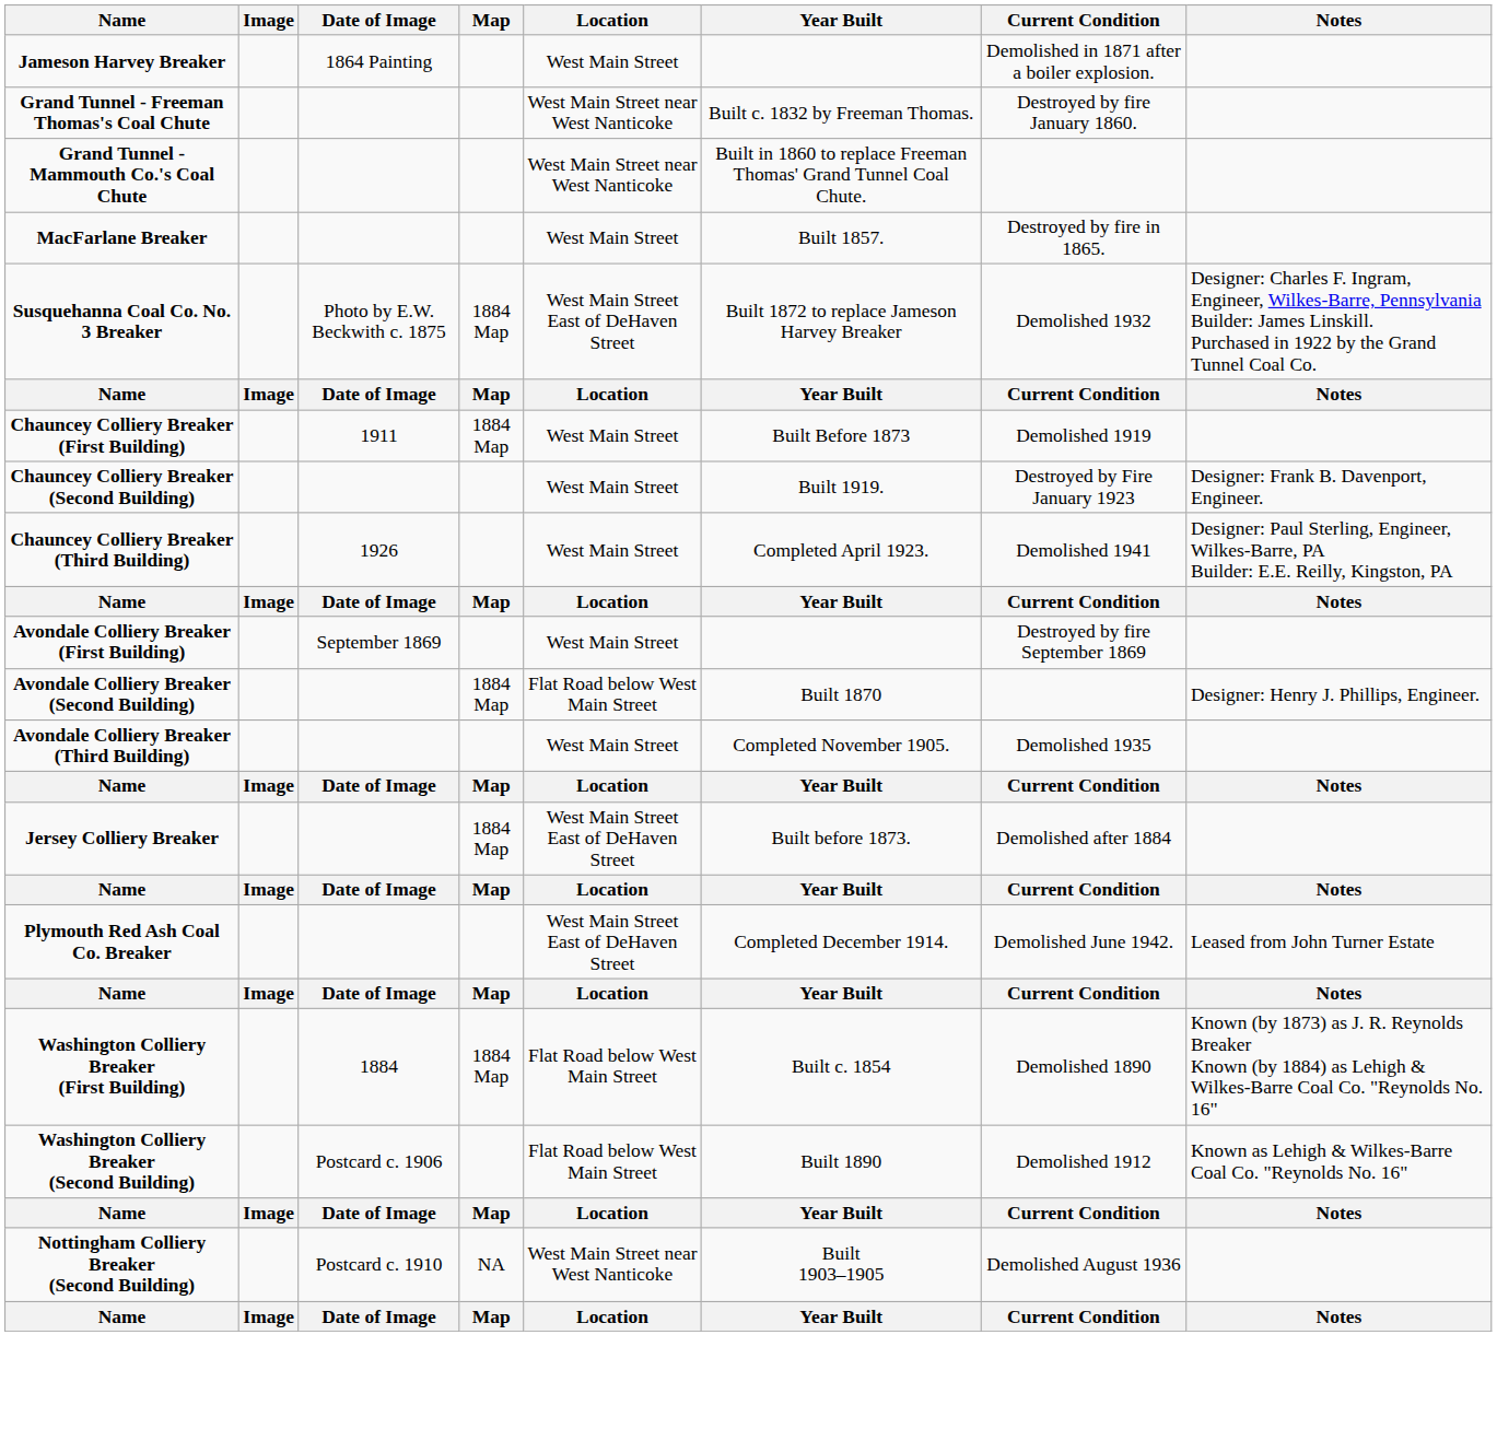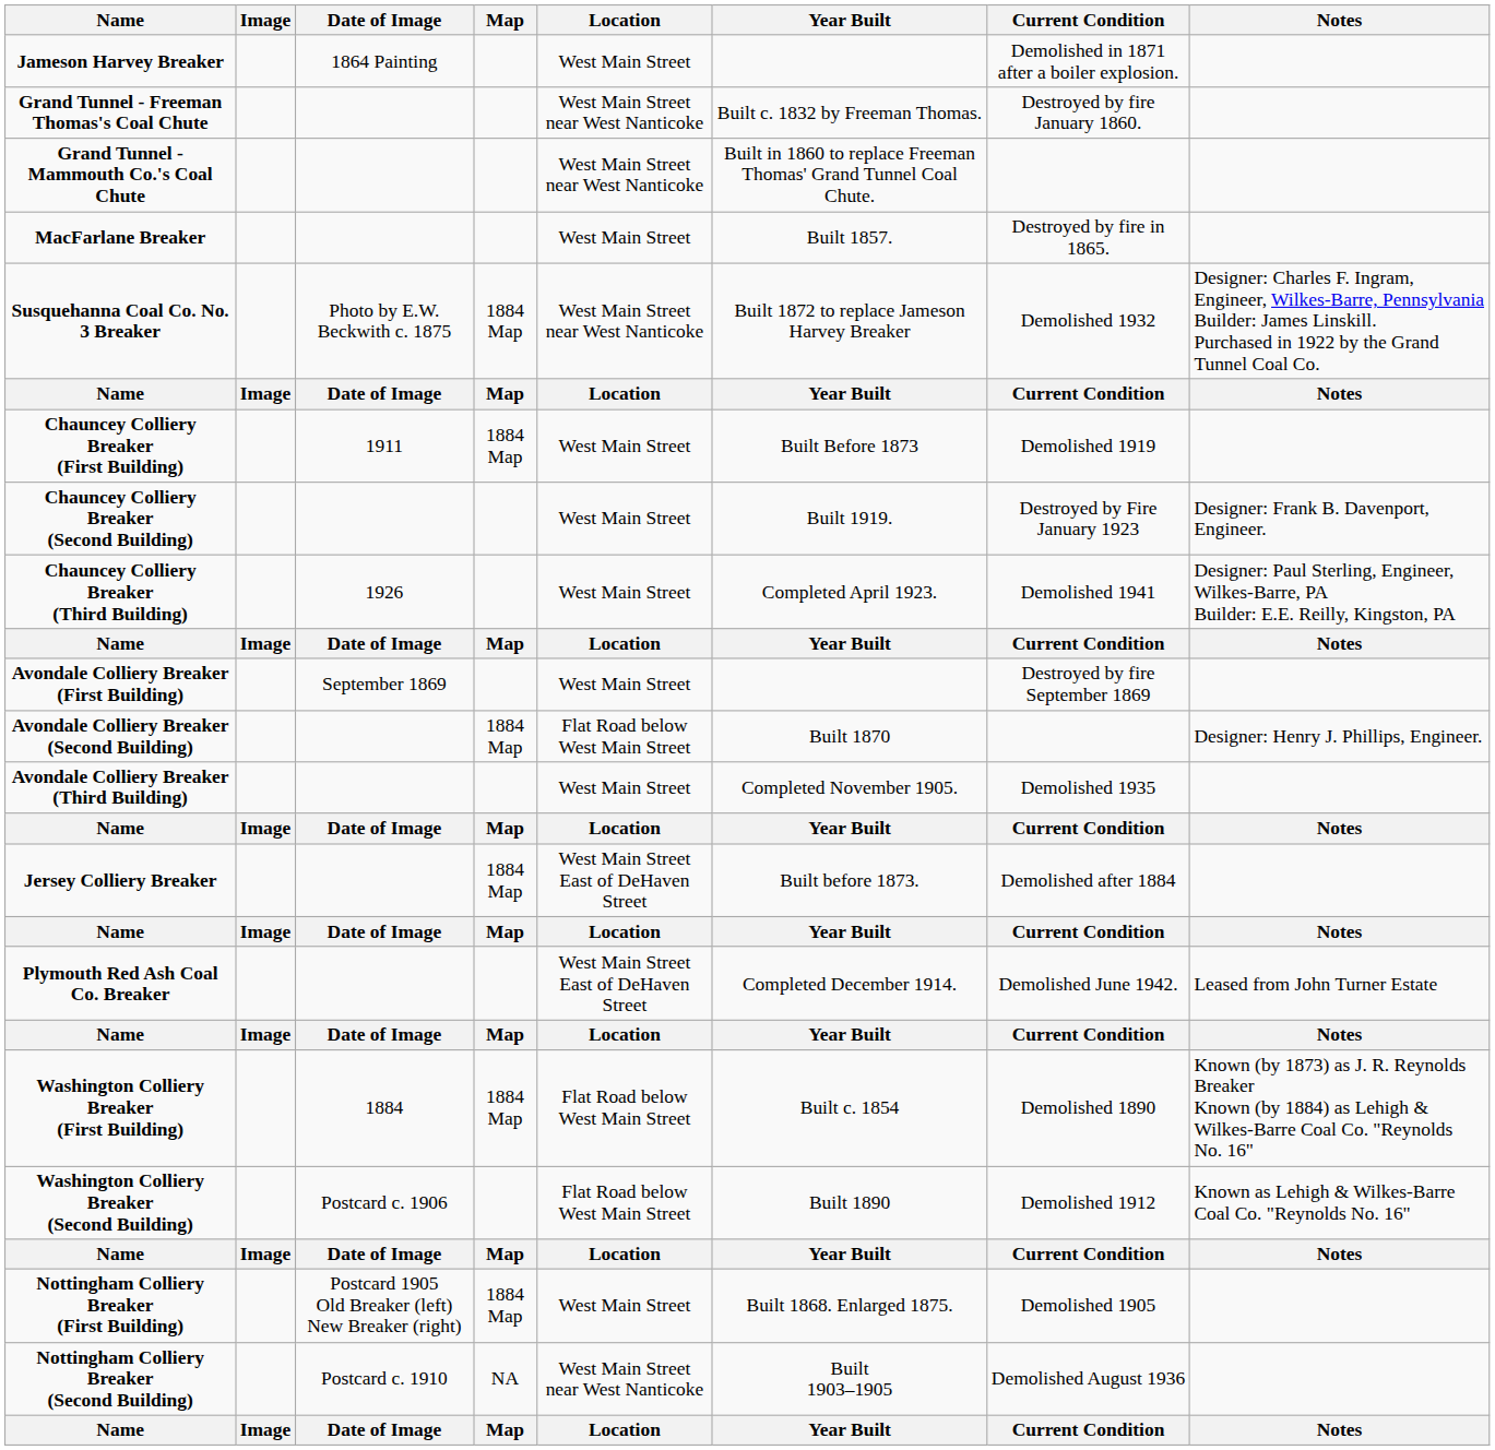 <table class="wikitable sortable">
 <tr>
 <th class="unsortable">Name</th>
 <th class="unsortable">Image</th>
 <th class="unsortable">Date of Image</th>
 <th class="unsortable">Map</th>
 <th class="unsortable">Location</th>
 <th class="unsortable">Year Built</th>
 <th class="unsortable">Current Condition</th>
 <th class="unsortable">Notes</th>
 </tr>
 <tr>
 <td align=center><strong>Jameson Harvey Breaker</strong></td>
 <td></td>
 <td align=center>1864 Painting</td>
 <td align=center></td>
 <td align=center>West Main Street</td>
 <td align=center></td>
 <td align=center>Demolished in 1871 after a boiler explosion.</td>
 <td align=left></td>
 </tr>
 <tr>
 <td align=center><strong>Grand Tunnel - Freeman Thomas's Coal Chute</strong></td>
 <td align=center></td>
 <td align=center></td>
 <td align=center></td>
 <td align=center>West Main Street near West Nanticoke</td>
 <td align=center>Built c. 1832 by Freeman Thomas.</td>
 <td align=center>Destroyed by fire January 1860.</td>
 <td align=left></td>
 </tr>
 <tr>
 <td align=center><strong>Grand Tunnel - Mammouth Co.'s Coal Chute</strong></td>
 <td align=center></td>
 <td align=center></td>
 <td align=center></td>
 <td align=center>West Main Street near West Nanticoke</td>
 <td align=center>Built in 1860 to replace Freeman Thomas' Grand Tunnel Coal Chute.</td>
 <td align=center></td>
 <td align=left></td>
 </tr>
 <tr>
 <td align=center><strong>MacFarlane Breaker</strong></td>
 <td align=center></td>
 <td align=center></td>
 <td align=center></td>
 <td align=center>West Main Street</td>
 <td align=center>Built 1857.</td>
 <td align=center>Destroyed by fire in 1865.</td>
 <td align=left></td>
 </tr>
 <tr>
 <td align=center><strong>Susquehanna Coal Co. No. 3 Breaker</strong></td>
 <td></td>
 <td align=center>Photo by E.W. Beckwith c. 1875</td>
 <td align=center>1884 Map<br></td>
-<td align=center>West Main Street<br>East of DeHaven Street</td>
+<td align=center>West Main Street near West Nanticoke</td>
 <td align=center>Built 1872 to replace Jameson Harvey Breaker</td>
 <td align=center>Demolished 1932</td>
 <td align=left>Designer: Charles F. Ingram, Engineer, <a href='#'>Wilkes-Barre, Pennsylvania</a><br>Builder: James Linskill.<br>Purchased in 1922 by the Grand Tunnel Coal Co.</td>
 </tr>
 <tr>
 <th class="unsortable">Name</th>
 <th class="unsortable">Image</th>
 <th class="unsortable">Date of Image</th>
 <th class="unsortable">Map</th>
 <th class="unsortable">Location</th>
 <th class="unsortable">Year Built</th>
 <th class="unsortable">Current Condition</th>
 <th class="unsortable">Notes</th>
 </tr>
 <tr>
 <td align=center><strong>Chauncey Colliery Breaker</strong><br><strong>(First Building)</strong></td>
 <td></td>
 <td align=center>1911</td>
 <td align=center>1884 Map<br></td>
 <td align=center>West Main Street</td>
 <td align=center>Built Before 1873</td>
 <td align=center>Demolished 1919</td>
 <td align=left></td>
 </tr>
 <tr>
 <td align=center><strong>Chauncey Colliery Breaker</strong><br><strong>(Second Building)</strong></td>
 <td></td>
 <td align=center></td>
 <td align=center></td>
 <td align=center>West Main Street</td>
 <td align=center>Built 1919.</td>
 <td align=center>Destroyed by Fire January 1923</td>
 <td align=left>Designer: Frank B. Davenport, Engineer.</td>
 </tr>
 <tr>
 <td align=center><strong>Chauncey Colliery Breaker</strong><br><strong>(Third Building)</strong></td>
 <td></td>
 <td align=center>1926</td>
 <td align=center></td>
 <td align=center>West Main Street</td>
 <td align=center>Completed April 1923.</td>
 <td align=center>Demolished 1941</td>
 <td align=left>Designer: Paul Sterling, Engineer, Wilkes-Barre, PA<br>Builder: E.E. Reilly, Kingston, PA</td>
 </tr>
 <tr>
 <th class="unsortable">Name</th>
 <th class="unsortable">Image</th>
 <th class="unsortable">Date of Image</th>
 <th class="unsortable">Map</th>
 <th class="unsortable">Location</th>
 <th class="unsortable">Year Built</th>
 <th class="unsortable">Current Condition</th>
 <th class="unsortable">Notes</th>
 </tr>
 <tr>
 <td align=center><strong>Avondale Colliery Breaker</strong><br><strong>(First Building)</strong></td>
 <td></td>
 <td align=center>September 1869</td>
 <td align=center></td>
 <td align=center>West Main Street</td>
 <td align=center></td>
 <td align=center>Destroyed by fire September 1869</td>
 <td align=left></td>
 </tr>
 <tr>
 <td align=center><strong>Avondale Colliery Breaker</strong><br><strong>(Second Building)</strong></td>
 <td></td>
 <td align=center></td>
 <td align=center>1884 Map<br></td>
 <td align=center>Flat Road below West Main Street</td>
 <td align=center>Built 1870</td>
 <td align=center></td>
 <td align=left>Designer: Henry J. Phillips, Engineer.</td>
 </tr>
 <tr>
 <td align=center><strong>Avondale Colliery Breaker</strong><br><strong>(Third Building)</strong></td>
 <td></td>
 <td align=center></td>
 <td align=center></td>
 <td align=center>West Main Street</td>
 <td align=center>Completed November 1905.</td>
 <td align=center>Demolished 1935</td>
 <td align=left></td>
 </tr>
 <tr>
 <th class="unsortable">Name</th>
 <th class="unsortable">Image</th>
 <th class="unsortable">Date of Image</th>
 <th class="unsortable">Map</th>
 <th class="unsortable">Location</th>
 <th class="unsortable">Year Built</th>
 <th class="unsortable">Current Condition</th>
 <th class="unsortable">Notes</th>
 </tr>
 <tr>
 <td align=center><strong>Jersey Colliery Breaker</strong></td>
 <td></td>
 <td align=center></td>
 <td align=center>1884 Map<br></td>
 <td align=center>West Main Street<br>East of DeHaven Street</td>
 <td align=center>Built before 1873.</td>
 <td align=center>Demolished after 1884</td>
 <td align=left></td>
 </tr>
 <tr>
 <th class="unsortable">Name</th>
 <th class="unsortable">Image</th>
 <th class="unsortable">Date of Image</th>
 <th class="unsortable">Map</th>
 <th class="unsortable">Location</th>
 <th class="unsortable">Year Built</th>
 <th class="unsortable">Current Condition</th>
 <th class="unsortable">Notes</th>
 </tr>
 <tr>
 <td align=center><strong>Plymouth Red Ash Coal Co. Breaker</strong></td>
 <td></td>
 <td align=center></td>
 <td align=center></td>
 <td align=center>West Main Street<br>East of DeHaven Street</td>
 <td align=center>Completed December 1914.</td>
 <td align=center>Demolished June 1942.</td>
 <td align=left>Leased from John Turner Estate</td>
 </tr>
 <tr>
 <th class="unsortable">Name</th>
 <th class="unsortable">Image</th>
 <th class="unsortable">Date of Image</th>
 <th class="unsortable">Map</th>
 <th class="unsortable">Location</th>
 <th class="unsortable">Year Built</th>
 <th class="unsortable">Current Condition</th>
 <th class="unsortable">Notes</th>
 </tr>
 <tr>
 <td align=center><strong>Washington Colliery Breaker</strong><br><strong>(First Building)</strong></td>
 <td></td>
 <td align=center>1884</td>
 <td align=center>1884 Map<br></td>
 <td align=center>Flat Road below West Main Street</td>
 <td align=center>Built c. 1854</td>
 <td align=center>Demolished 1890</td>
 <td align=left>Known (by 1873) as J. R. Reynolds Breaker<br>Known (by 1884) as Lehigh & Wilkes-Barre Coal Co. "Reynolds No. 16"</td>
 </tr>
 <tr>
 <td align=center><strong>Washington Colliery Breaker</strong><br><strong>(Second Building)</strong></td>
 <td></td>
 <td align=center>Postcard c. 1906</td>
 <td align=center></td>
 <td align=center>Flat Road below West Main Street</td>
 <td align=center>Built 1890</td>
 <td align=center>Demolished 1912</td>
 <td align=left>Known as Lehigh & Wilkes-Barre Coal Co. "Reynolds No. 16"</td>
 </tr>
 <tr>
 <th class="unsortable">Name</th>
 <th class="unsortable">Image</th>
 <th class="unsortable">Date of Image</th>
 <th class="unsortable">Map</th>
 <th class="unsortable">Location</th>
 <th class="unsortable">Year Built</th>
 <th class="unsortable">Current Condition</th>
 <th class="unsortable">Notes</th>
 </tr>
 <tr>
+<td align=center><strong>Nottingham Colliery Breaker</strong><br><strong>(First Building)</strong></td>
+<td></td>
+<td align=center>Postcard 1905<br>Old Breaker (left) New Breaker (right)</td>
+<td align=center>1884 Map<br></td>
+<td align=center>West Main Street</td>
+<td align=center>Built 1868. Enlarged 1875.</td>
+<td align=center>Demolished 1905</td>
+<td align=left></td>
+</tr>
+<tr>
 <td align=center><strong>Nottingham Colliery Breaker</strong><br><strong>(Second Building)</strong></td>
 <td></td>
 <td align=center>Postcard c. 1910</td>
 <td align=center>NA</td>
 <td align=center>West Main Street near West Nanticoke</td>
 <td align=center>Built<br>1903–1905</td>
 <td align=center>Demolished August 1936</td>
 <td align=left></td>
 </tr>
 <tr>
 <th class="unsortable">Name</th>
 <th class="unsortable">Image</th>
 <th class="unsortable">Date of Image</th>
 <th class="unsortable">Map</th>
 <th class="unsortable">Location</th>
 <th class="unsortable">Year Built</th>
 <th class="unsortable">Current Condition</th>
 <th class="unsortable">Notes</th>
 </tr>
 </table>
